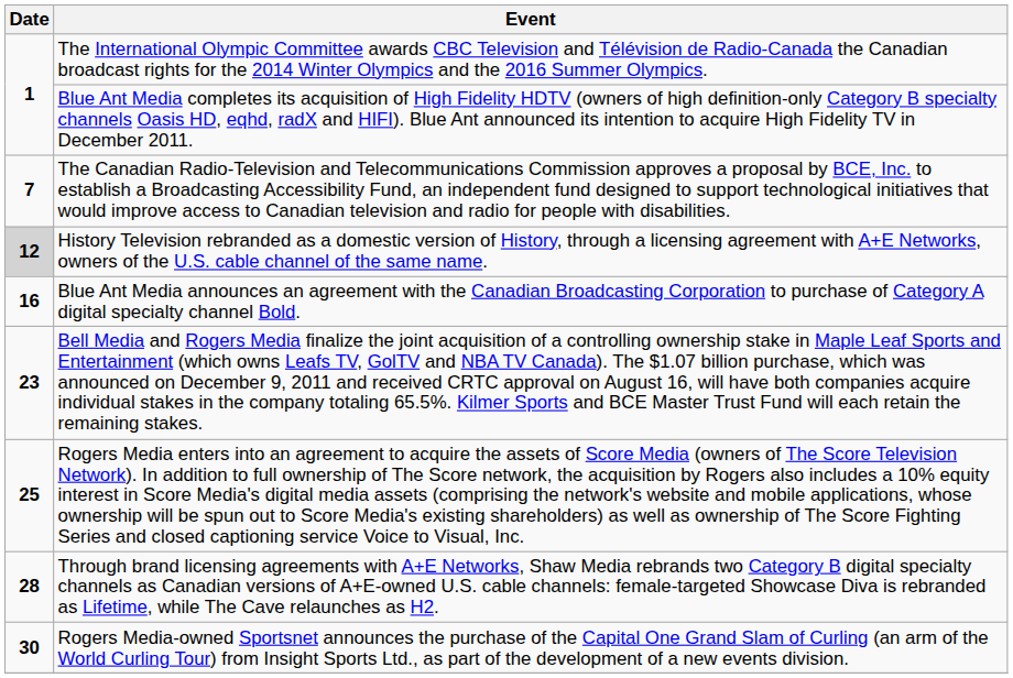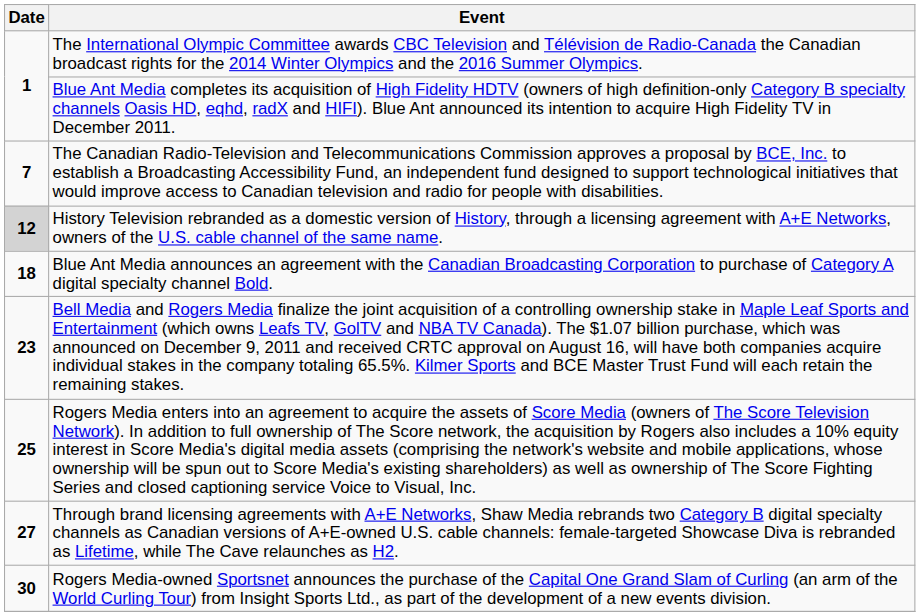 <table class="wikitable">
 <tr>
 <th>Date</th>
 <th>Event</th>
 </tr>
 <tr>
 <td style="text-align:center;" rowspan="2"><strong>1</strong></td>
 <td>The <a href='#'>International Olympic Committee</a> awards <a href='#'>CBC Television</a> and <a href='#'>Télévision de Radio-Canada</a> the Canadian broadcast rights for the <a href='#'>2014 Winter Olympics</a> and the <a href='#'>2016 Summer Olympics</a>.</td>
 </tr>
 <tr>
 <td><a href='#'>Blue Ant Media</a> completes its acquisition of <a href='#'>High Fidelity HDTV</a> (owners of high definition-only <a href='#'>Category B specialty channels</a> <a href='#'>Oasis HD</a>, <a href='#'>eqhd</a>, <a href='#'>radX</a> and <a href='#'>HIFI</a>). Blue Ant announced its intention to acquire High Fidelity TV in December 2011.</td>
 </tr>
 <tr>
 <td style="text-align:center;"><strong>7</strong></td>
 <td>The Canadian Radio-Television and Telecommunications Commission approves a proposal by <a href='#'>BCE, Inc.</a> to establish a Broadcasting Accessibility Fund, an independent fund designed to support technological initiatives that would improve access to Canadian television and radio for people with disabilities.</td>
 </tr>
 <tr>
 <td style="background: lightgrey; text-align:center;"><strong>12</strong></td>
 <td>History Television rebranded as a domestic version of <a href='#'>History</a>, through a licensing agreement with <a href='#'>A+E Networks</a>, owners of the <a href='#'>U.S. cable channel of the same name</a>.</td>
 </tr>
 <tr>
-<td style="text-align:center;"><strong>16</strong></td>
+<td style="text-align:center;"><strong>18</strong></td>
 <td>Blue Ant Media announces an agreement with the <a href='#'>Canadian Broadcasting Corporation</a> to purchase of <a href='#'>Category A</a> digital specialty channel <a href='#'>Bold</a>.</td>
 </tr>
 <tr>
 <td style="text-align:center;"><strong>23</strong></td>
 <td><a href='#'>Bell Media</a> and <a href='#'>Rogers Media</a> finalize the joint acquisition of a controlling ownership stake in <a href='#'>Maple Leaf Sports and Entertainment</a> (which owns <a href='#'>Leafs TV</a>, <a href='#'>GolTV</a> and <a href='#'>NBA TV Canada</a>). The $1.07 billion purchase, which was announced on December 9, 2011 and received CRTC approval on August 16, will have both companies acquire individual stakes in the company totaling 65.5%. <a href='#'>Kilmer Sports</a> and BCE Master Trust Fund will each retain the remaining stakes.</td>
 </tr>
 <tr>
 <td style="text-align:center;"><strong>25</strong></td>
 <td>Rogers Media enters into an agreement to acquire the assets of <a href='#'>Score Media</a> (owners of <a href='#'>The Score Television Network</a>). In addition to full ownership of The Score network, the acquisition by Rogers also includes a 10% equity interest in Score Media's digital media assets (comprising the network's website and mobile applications, whose ownership will be spun out to Score Media's existing shareholders) as well as ownership of The Score Fighting Series and closed captioning service Voice to Visual, Inc.</td>
 </tr>
 <tr>
-<td style="text-align:center;"><strong>28</strong></td>
+<td style="text-align:center;"><strong>27</strong></td>
 <td>Through brand licensing agreements with <a href='#'>A+E Networks</a>, Shaw Media rebrands two <a href='#'>Category B</a> digital specialty channels as Canadian versions of A+E-owned U.S. cable channels: female-targeted Showcase Diva is rebranded as <a href='#'>Lifetime</a>, while The Cave  relaunches as <a href='#'>H2</a>.</td>
 </tr>
 <tr>
 <td style="text-align:center;"><strong>30</strong></td>
 <td>Rogers Media-owned <a href='#'>Sportsnet</a> announces the purchase of the <a href='#'>Capital One Grand Slam of Curling</a> (an arm of the <a href='#'>World Curling Tour</a>) from Insight Sports Ltd., as part of the development of a new events division.</td>
 </tr>
 <tr>
 </tr>
 </table>
